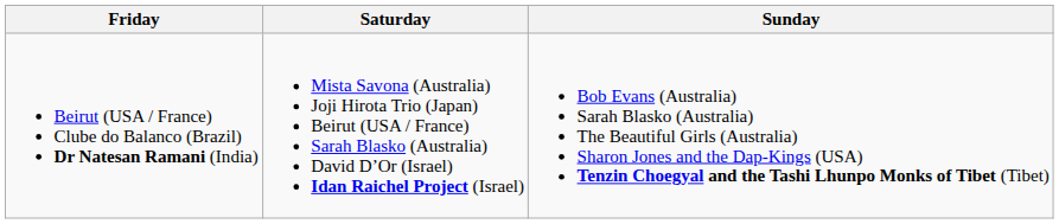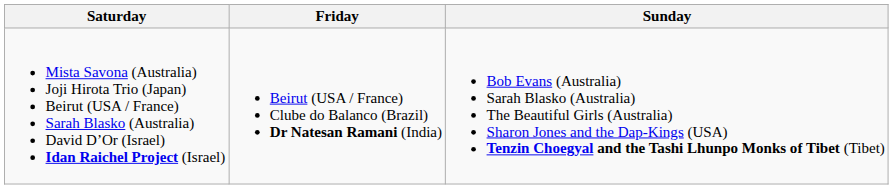 <table class="wikitable">
 <tr>
+<th>Saturday</th>
 <th>Friday</th>
-<th>Saturday</th>
 <th>Sunday</th>
 </tr>
 <tr>
+<td><br><ul><li><a href='#'>Mista Savona</a> (Australia)</li><li>Joji Hirota Trio (Japan)</li><li>Beirut (USA / France)</li><li><a href='#'>Sarah Blasko</a> (Australia)</li><li>David D’Or (Israel)</li><li><strong><a href='#'>Idan Raichel Project</a></strong> (Israel)</li></ul></td>
 <td><br><ul><li><a href='#'>Beirut</a> (USA / France)</li><li>Clube do Balanco (Brazil)</li><li><strong>Dr Natesan Ramani</strong> (India)</li></ul></td>
-<td><br><ul><li><a href='#'>Mista Savona</a> (Australia)</li><li>Joji Hirota Trio (Japan)</li><li>Beirut (USA / France)</li><li><a href='#'>Sarah Blasko</a> (Australia)</li><li>David D’Or (Israel)</li><li><strong><a href='#'>Idan Raichel Project</a></strong> (Israel)</li></ul></td>
 <td><br><ul><li><a href='#'>Bob Evans</a> (Australia)</li><li>Sarah Blasko (Australia)</li><li>The Beautiful Girls (Australia)</li><li><a href='#'>Sharon Jones and the Dap-Kings</a> (USA)</li><li><strong><a href='#'>Tenzin Choegyal</a> and the Tashi Lhunpo Monks of Tibet</strong> (Tibet)</li></ul></td>
 </tr>
 </table>
